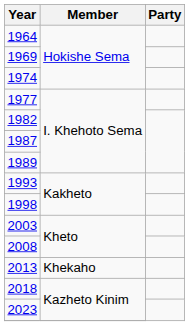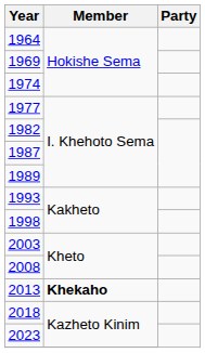 <table class="wikitable sortable">
 <tr>
 <th>Year</th>
 <th>Member</th>
 <th colspan="2">Party</th>
 </tr>
 <tr>
 <td><a href='#'>1964</a></td>
 <td rowspan=3><a href='#'>Hokishe Sema</a></td>
 <td></td>
 </tr>
 <tr>
 <td><a href='#'>1969</a></td>
 <td></td>
 </tr>
 <tr>
 <td><a href='#'>1974</a></td>
 </tr>
 <tr>
 <td><a href='#'>1977</a></td>
 <td rowspan=4>I. Khehoto Sema</td>
 <td></td>
 </tr>
 <tr>
 <td><a href='#'>1982</a></td>
 </tr>
 <tr>
 <td><a href='#'>1987</a></td>
 </tr>
 <tr>
 <td><a href='#'>1989</a></td>
 </tr>
 <tr>
 <td><a href='#'>1993</a></td>
 <td rowspan=2>Kakheto</td>
 <td></td>
 </tr>
 <tr>
 <td><a href='#'>1998</a></td>
 <td></td>
 </tr>
 <tr>
 <td><a href='#'>2003</a></td>
 <td rowspan=2>Kheto</td>
 <td></td>
 </tr>
 <tr>
 <td><a href='#'>2008</a></td>
 </tr>
 <tr>
 <td><a href='#'>2013</a></td>
-<td>Khekaho</td>
+<td><strong>Khekaho</strong></td>
 <td></td>
 </tr>
 <tr>
 <td><a href='#'>2018</a></td>
 <td rowspan=2>Kazheto Kinim</td>
 <td></td>
 </tr>
 <tr>
 <td><a href='#'>2023</a></td>
 </tr>
 <tr>
 </tr>
 </table>
